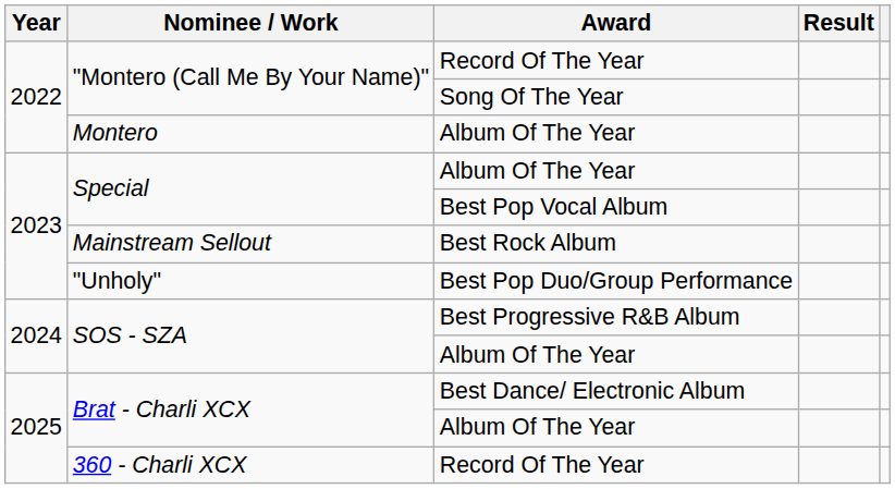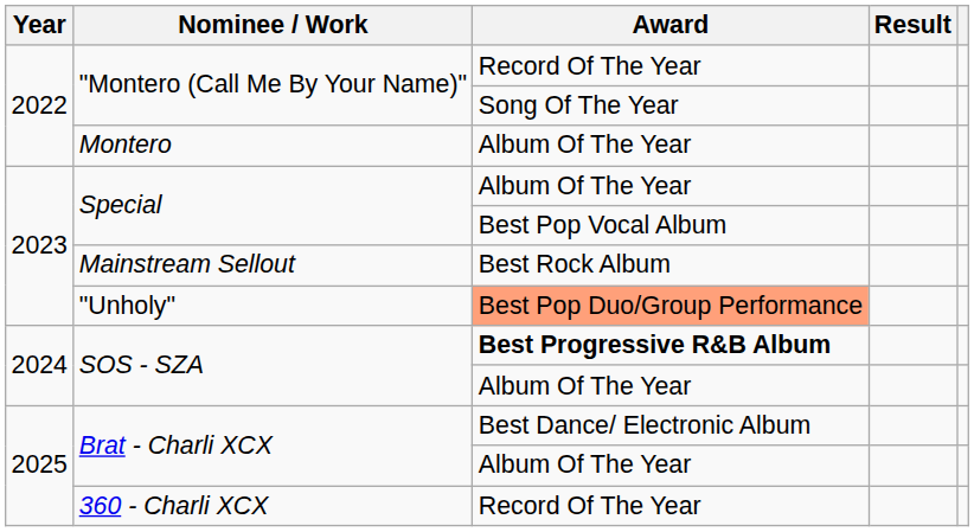 <table class="wikitable">
 <tr>
 <th>Year</th>
 <th>Nominee / Work</th>
 <th>Award</th>
 <th>Result</th>
 <th></th>
 </tr>
 <tr>
 <td rowspan="3">2022</td>
 <td rowspan="2">"Montero (Call Me By Your Name)"</td>
 <td>Record Of The Year</td>
 <td></td>
 <td align="center"></td>
 </tr>
 <tr>
 <td>Song Of The Year</td>
 <td></td>
 <td align="center"></td>
 </tr>
 <tr>
 <td><em>Montero</em></td>
 <td>Album Of The Year</td>
 <td></td>
 <td align="center"></td>
 </tr>
 <tr>
 <td rowspan="4">2023</td>
 <td rowspan="2"><em>Special</em></td>
 <td>Album Of The Year</td>
 <td></td>
 <td align="center"></td>
 </tr>
 <tr>
 <td>Best Pop Vocal Album</td>
 <td></td>
 <td align="center"></td>
 </tr>
 <tr>
 <td><em>Mainstream Sellout</em></td>
 <td>Best Rock Album</td>
 <td></td>
 <td align="center"></td>
 </tr>
 <tr>
 <td>"Unholy"</td>
-<td>Best Pop Duo/Group Performance</td>
+<td style="background: lightsalmon;">Best Pop Duo/Group Performance</td>
 <td></td>
 <td align="center"></td>
 </tr>
 <tr>
 <td rowspan="2">2024</td>
 <td rowspan="2"><em>SOS - SZA</em></td>
-<td>Best Progressive R&B Album</td>
+<td><strong>Best Progressive R&B Album</strong></td>
 <td></td>
 <td></td>
 </tr>
 <tr>
 <td>Album Of The Year</td>
 <td></td>
 <td></td>
 </tr>
 <tr>
 <td rowspan="3">2025</td>
 <td rowspan="2"><em><a href='#'>Brat</a> - Charli XCX</em></td>
 <td>Best Dance/ Electronic Album</td>
 <td></td>
 <td></td>
 </tr>
 <tr>
 <td>Album Of The Year</td>
 <td></td>
 <td></td>
 </tr>
 <tr>
 <td><em><a href='#'>360</a> - Charli XCX</em></td>
 <td>Record Of The Year</td>
 <td></td>
 <td></td>
 </tr>
 </table>
